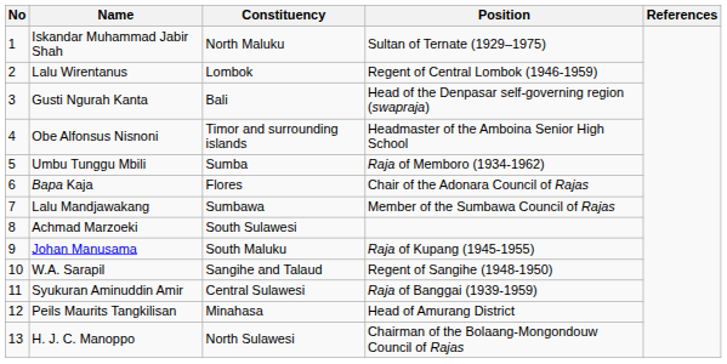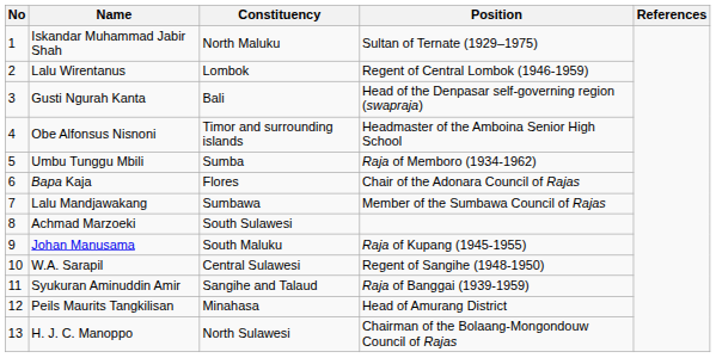 <table class="wikitable">
 <tr>
 <th>No</th>
 <th>Name</th>
 <th>Constituency</th>
 <th>Position</th>
 <th>References</th>
 </tr>
 <tr>
 <td>1</td>
 <td>Iskandar Muhammad Jabir Shah</td>
 <td>North Maluku</td>
 <td>Sultan of Ternate (1929–1975)</td>
 <td rowspan="13"></td>
 </tr>
 <tr>
 <td>2</td>
 <td>Lalu Wirentanus</td>
 <td>Lombok</td>
 <td>Regent of Central Lombok (1946-1959)</td>
 </tr>
 <tr>
 <td>3</td>
 <td>Gusti Ngurah Kanta</td>
 <td>Bali</td>
 <td>Head of the Denpasar self-governing region (<em>swapraja</em>)</td>
 </tr>
 <tr>
 <td>4</td>
 <td>Obe Alfonsus Nisnoni</td>
 <td>Timor and surrounding islands</td>
 <td>Headmaster of the Amboina Senior High School</td>
 </tr>
 <tr>
 <td>5</td>
 <td>Umbu Tunggu Mbili</td>
 <td>Sumba</td>
 <td><em>Raja</em> of Memboro (1934-1962)</td>
 </tr>
 <tr>
 <td>6</td>
 <td><em>Bapa</em> Kaja</td>
 <td>Flores</td>
 <td>Chair of the Adonara Council of <em>Rajas</em></td>
 </tr>
 <tr>
 <td>7</td>
 <td>Lalu Mandjawakang</td>
 <td>Sumbawa</td>
 <td>Member of the Sumbawa Council of <em>Rajas</em></td>
 </tr>
 <tr>
 <td>8</td>
 <td>Achmad Marzoeki</td>
 <td>South Sulawesi</td>
 <td></td>
 </tr>
 <tr>
 <td>9</td>
 <td><a href='#'>Johan Manusama</a></td>
 <td>South Maluku</td>
 <td><em>Raja</em> of Kupang (1945-1955)</td>
 </tr>
 <tr>
 <td>10</td>
 <td>W.A. Sarapil</td>
-<td>Sangihe and Talaud</td>
+<td>Central Sulawesi</td>
 <td>Regent of Sangihe (1948-1950)</td>
 </tr>
 <tr>
 <td>11</td>
 <td>Syukuran Aminuddin Amir</td>
-<td>Central Sulawesi</td>
+<td>Sangihe and Talaud</td>
 <td><em>Raja</em> of Banggai (1939-1959)</td>
 </tr>
 <tr>
 <td>12</td>
 <td>Peils Maurits Tangkilisan</td>
 <td>Minahasa</td>
 <td>Head of Amurang District</td>
 </tr>
 <tr>
 <td>13</td>
 <td>H. J. C. Manoppo</td>
 <td>North Sulawesi</td>
 <td>Chairman of the Bolaang-Mongondouw Council of <em>Rajas</em></td>
 </tr>
 </table>
